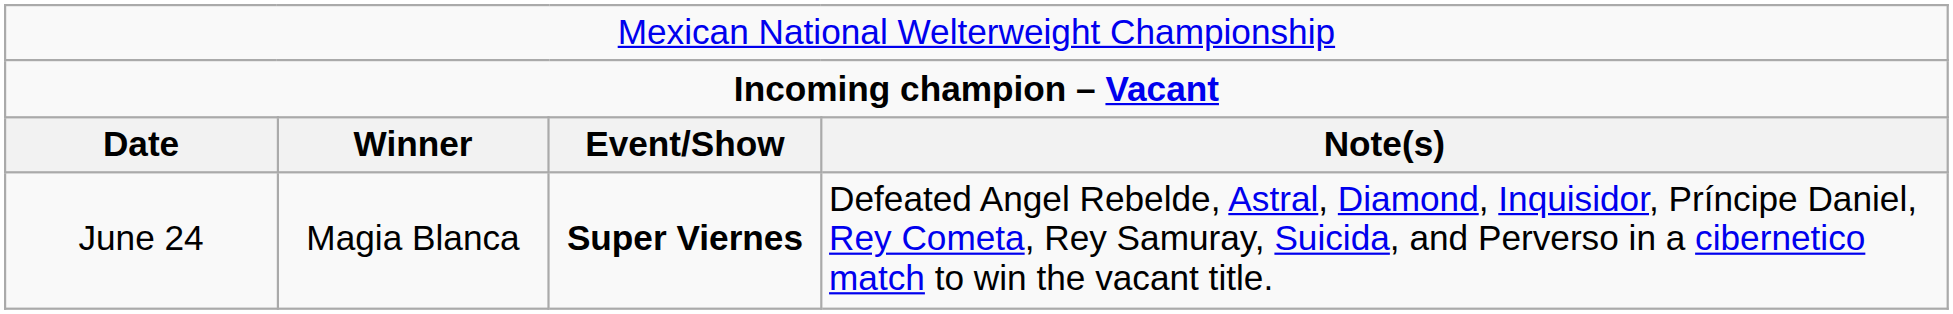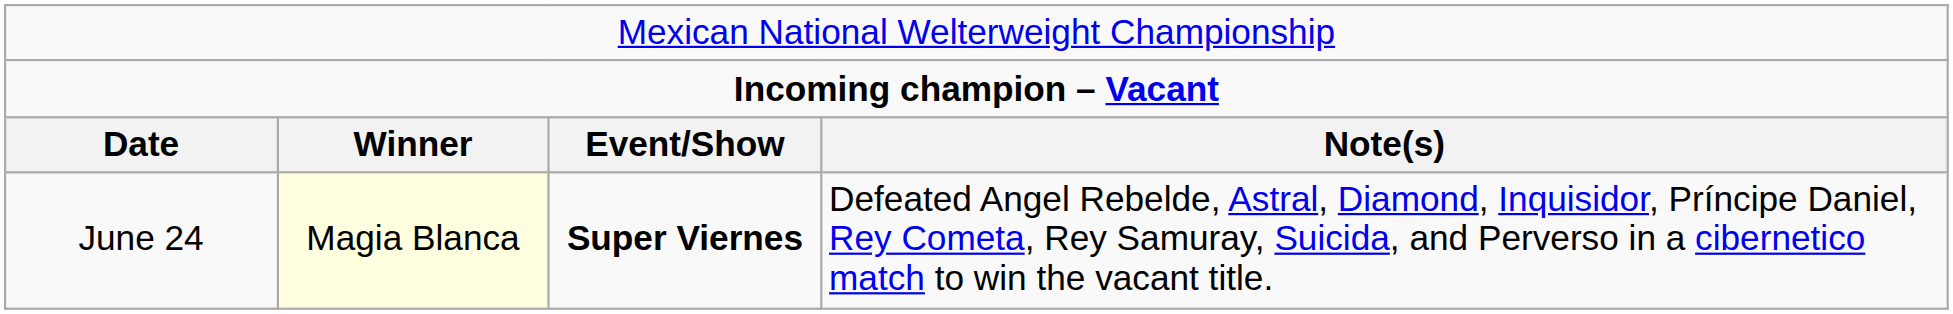 <table class="wikitable" style="text-align:center; width:100%;">
 <tr>
 <td colspan="4" style="text-align: center;"><a href='#'>Mexican National Welterweight Championship</a></td>
 </tr>
 <tr>
 <td colspan="4" style="text-align: center;"><strong>Incoming champion – <a href='#'>Vacant</a></strong></td>
 </tr>
 <tr>
 <th width=14%>Date</th>
 <th width=14%>Winner</th>
 <th width=14%>Event/Show</th>
 <th width=58%>Note(s)</th>
 </tr>
 <tr>
 <td>June 24</td>
-<td>Magia Blanca</td>
+<td style="background: lightyellow;">Magia Blanca</td>
 <td><strong>Super Viernes</strong></td>
 <td align=left>Defeated Angel Rebelde, <a href='#'>Astral</a>, <a href='#'>Diamond</a>, <a href='#'>Inquisidor</a>, Príncipe Daniel, <a href='#'>Rey Cometa</a>, Rey Samuray, <a href='#'>Suicida</a>, and Perverso in a <a href='#'>cibernetico match</a> to win the vacant title.</td>
 </tr>
 </table>
